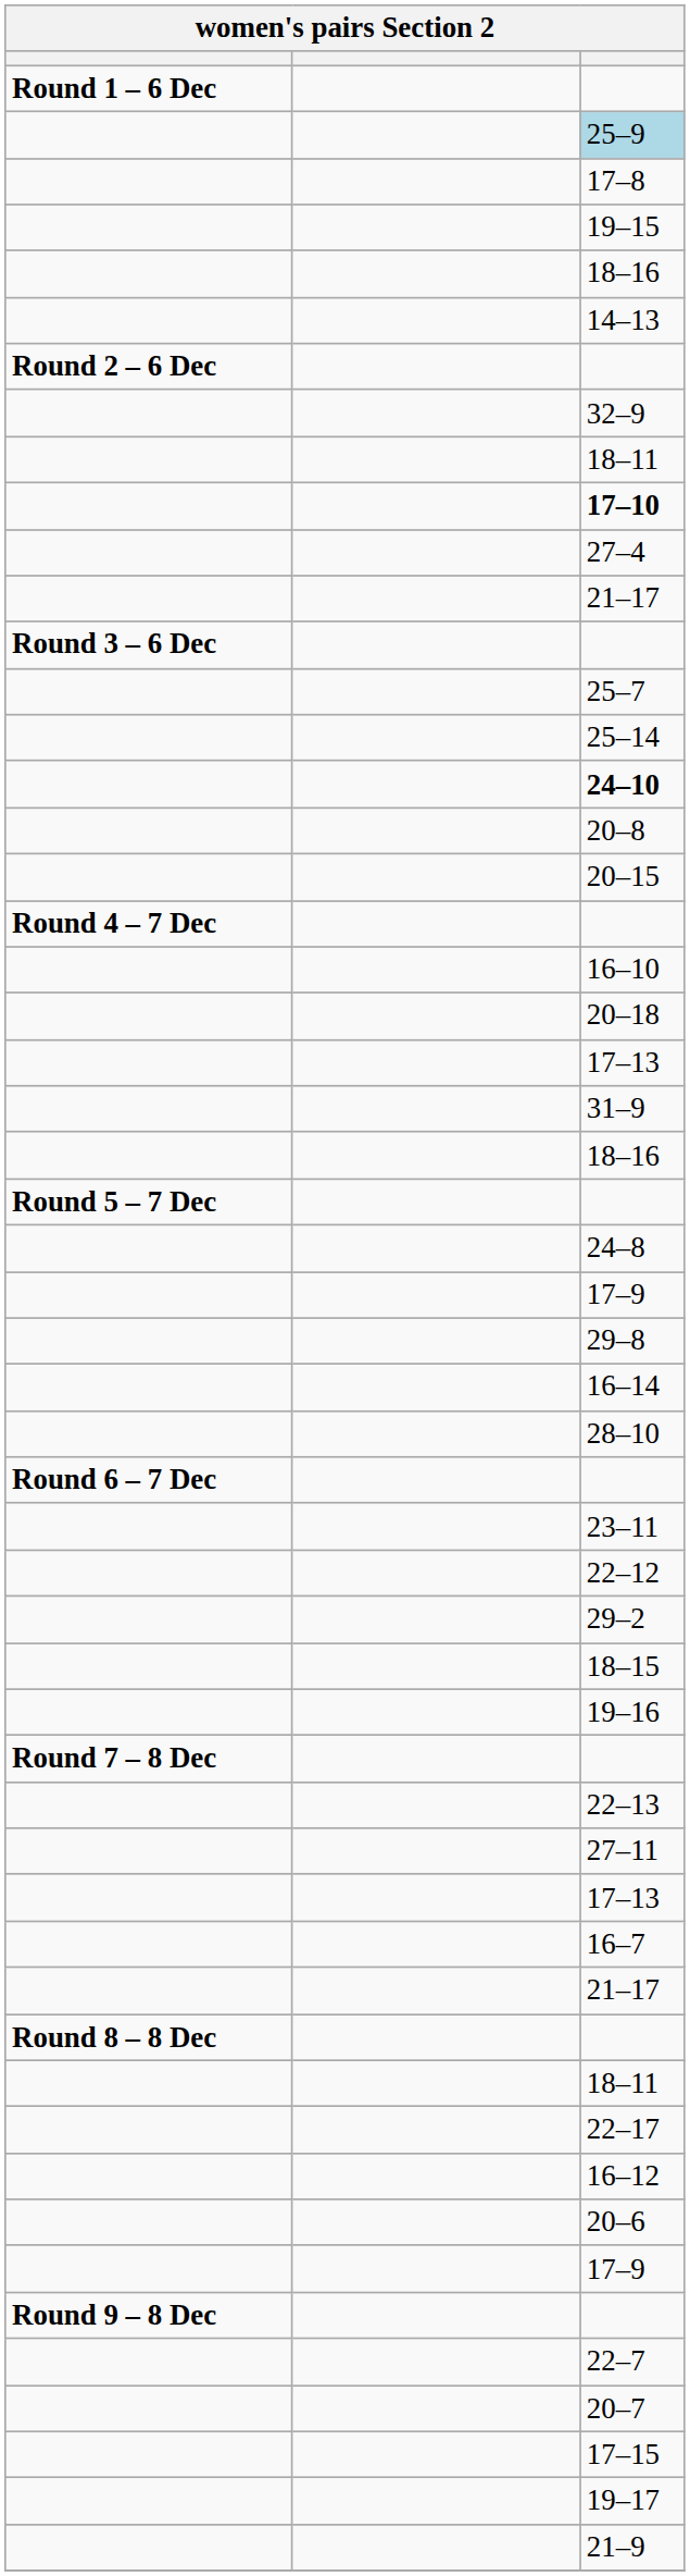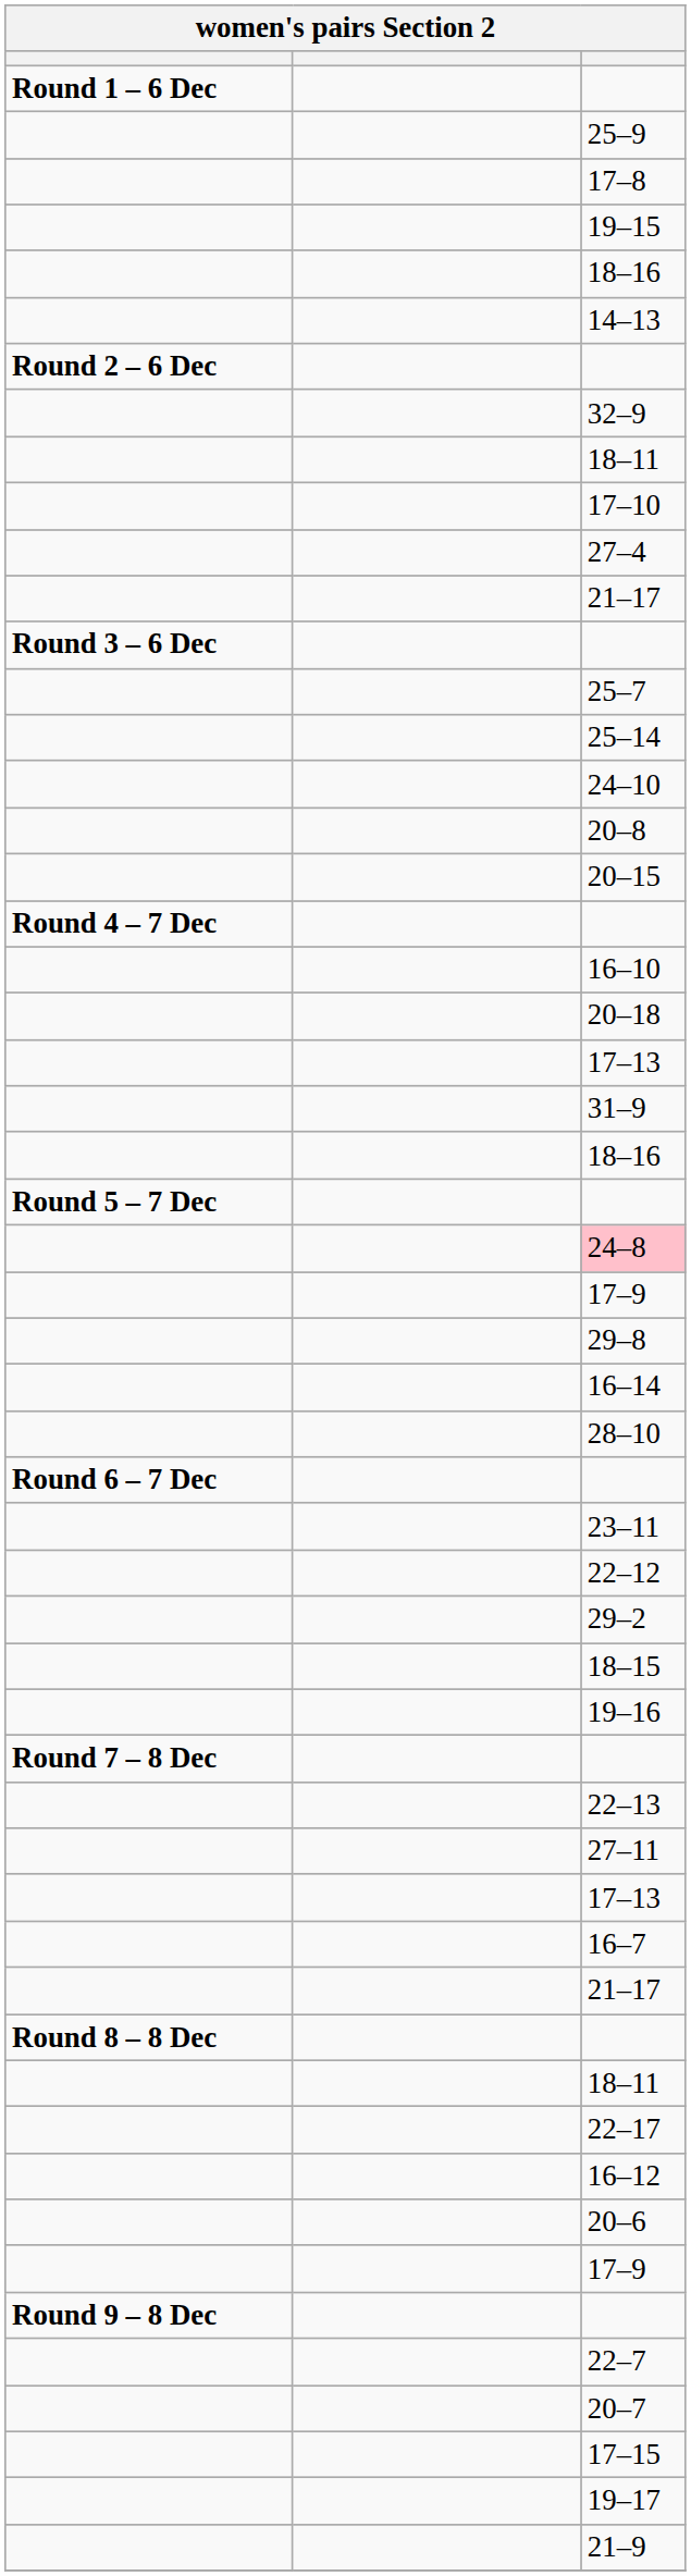 <table class="wikitable">
 <tr>
 <th colspan="3">women's pairs Section 2</th>
 </tr>
 <tr>
 <th width=150></th>
 <th width=150></th>
 <th width=50></th>
 </tr>
 <tr>
 <td><strong>Round 1 – 6 Dec</strong></td>
 <td></td>
 <td></td>
 </tr>
 <tr>
 <td></td>
 <td></td>
-<td style="background: lightblue;">25–9</td>
+<td>25–9</td>
 </tr>
 <tr>
 <td></td>
 <td></td>
 <td>17–8</td>
 </tr>
 <tr>
 <td></td>
 <td></td>
 <td>19–15</td>
 </tr>
 <tr>
 <td></td>
 <td></td>
 <td>18–16</td>
 </tr>
 <tr>
 <td></td>
 <td></td>
 <td>14–13</td>
 </tr>
 <tr>
 <td><strong>Round 2 – 6 Dec</strong></td>
 <td></td>
 <td></td>
 </tr>
 <tr>
 <td></td>
 <td></td>
 <td>32–9</td>
 </tr>
 <tr>
 <td></td>
 <td></td>
 <td>18–11</td>
 </tr>
 <tr>
 <td></td>
 <td></td>
-<td><strong>17–10</strong></td>
+<td>17–10</td>
 </tr>
 <tr>
 <td></td>
 <td></td>
 <td>27–4</td>
 </tr>
 <tr>
 <td></td>
 <td></td>
 <td>21–17</td>
 </tr>
 <tr>
 <td><strong>Round 3 – 6 Dec</strong></td>
 <td></td>
 <td></td>
 </tr>
 <tr>
 <td></td>
 <td></td>
 <td>25–7</td>
 </tr>
 <tr>
 <td></td>
 <td></td>
 <td>25–14</td>
 </tr>
 <tr>
 <td></td>
 <td></td>
-<td><strong>24–10</strong></td>
+<td>24–10</td>
 </tr>
 <tr>
 <td></td>
 <td></td>
 <td>20–8</td>
 </tr>
 <tr>
 <td></td>
 <td></td>
 <td>20–15</td>
 </tr>
 <tr>
 <td><strong>Round 4 – 7 Dec</strong></td>
 <td></td>
 <td></td>
 </tr>
 <tr>
 <td></td>
 <td></td>
 <td>16–10</td>
 </tr>
 <tr>
 <td></td>
 <td></td>
 <td>20–18</td>
 </tr>
 <tr>
 <td></td>
 <td></td>
 <td>17–13</td>
 </tr>
 <tr>
 <td></td>
 <td></td>
 <td>31–9</td>
 </tr>
 <tr>
 <td></td>
 <td></td>
 <td>18–16</td>
 </tr>
 <tr>
 <td><strong>Round 5 – 7 Dec</strong></td>
 <td></td>
 <td></td>
 </tr>
 <tr>
 <td></td>
 <td></td>
-<td>24–8</td>
+<td style="background: pink;">24–8</td>
 </tr>
 <tr>
 <td></td>
 <td></td>
 <td>17–9</td>
 </tr>
 <tr>
 <td></td>
 <td></td>
 <td>29–8</td>
 </tr>
 <tr>
 <td></td>
 <td></td>
 <td>16–14</td>
 </tr>
 <tr>
 <td></td>
 <td></td>
 <td>28–10</td>
 </tr>
 <tr>
 <td><strong>Round 6  – 7 Dec</strong></td>
 <td></td>
 <td></td>
 </tr>
 <tr>
 <td></td>
 <td></td>
 <td>23–11</td>
 </tr>
 <tr>
 <td></td>
 <td></td>
 <td>22–12</td>
 </tr>
 <tr>
 <td></td>
 <td></td>
 <td>29–2</td>
 </tr>
 <tr>
 <td></td>
 <td></td>
 <td>18–15</td>
 </tr>
 <tr>
 <td></td>
 <td></td>
 <td>19–16</td>
 </tr>
 <tr>
 <td><strong>Round 7 – 8 Dec</strong></td>
 <td></td>
 <td></td>
 </tr>
 <tr>
 <td></td>
 <td></td>
 <td>22–13</td>
 </tr>
 <tr>
 <td></td>
 <td></td>
 <td>27–11</td>
 </tr>
 <tr>
 <td></td>
 <td></td>
 <td>17–13</td>
 </tr>
 <tr>
 <td></td>
 <td></td>
 <td>16–7</td>
 </tr>
 <tr>
 <td></td>
 <td></td>
 <td>21–17</td>
 </tr>
 <tr>
 <td><strong>Round 8 – 8 Dec</strong></td>
 <td></td>
 <td></td>
 </tr>
 <tr>
 <td></td>
 <td></td>
 <td>18–11</td>
 </tr>
 <tr>
 <td></td>
 <td></td>
 <td>22–17</td>
 </tr>
 <tr>
 <td></td>
 <td></td>
 <td>16–12</td>
 </tr>
 <tr>
 <td></td>
 <td></td>
 <td>20–6</td>
 </tr>
 <tr>
 <td></td>
 <td></td>
 <td>17–9</td>
 </tr>
 <tr>
 <td><strong>Round 9 – 8 Dec</strong></td>
 <td></td>
 <td></td>
 </tr>
 <tr>
 <td></td>
 <td></td>
 <td>22–7</td>
 </tr>
 <tr>
 <td></td>
 <td></td>
 <td>20–7</td>
 </tr>
 <tr>
 <td></td>
 <td></td>
 <td>17–15</td>
 </tr>
 <tr>
 <td></td>
 <td></td>
 <td>19–17</td>
 </tr>
 <tr>
 <td></td>
 <td></td>
 <td>21–9</td>
 </tr>
 <tr>
 </tr>
 </table>
